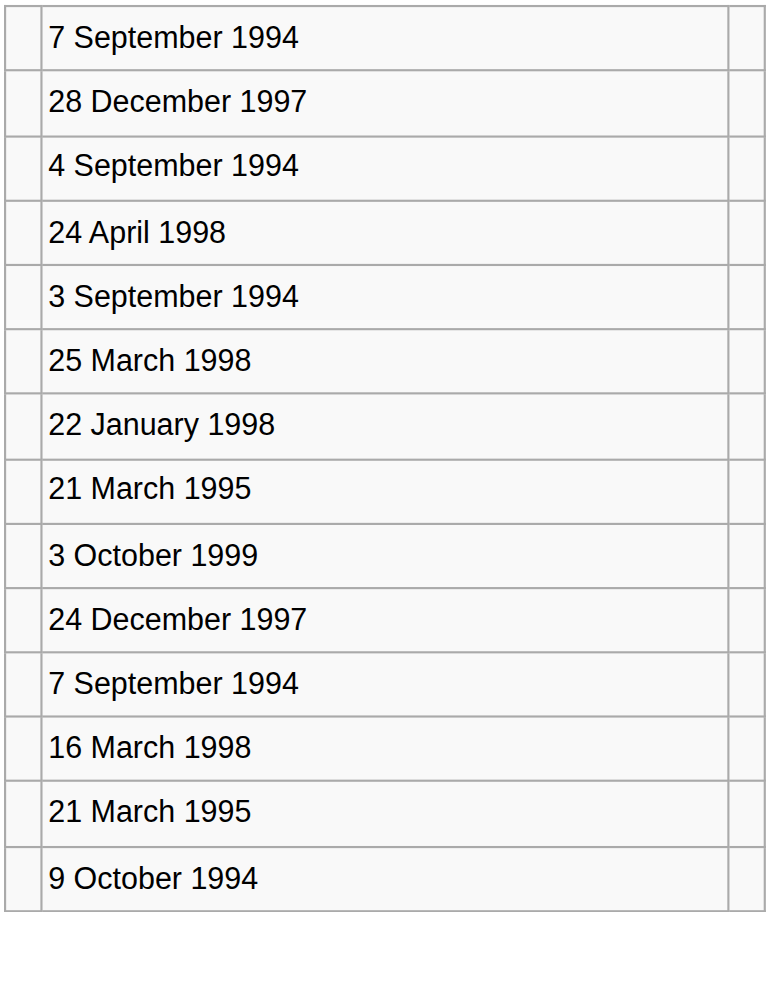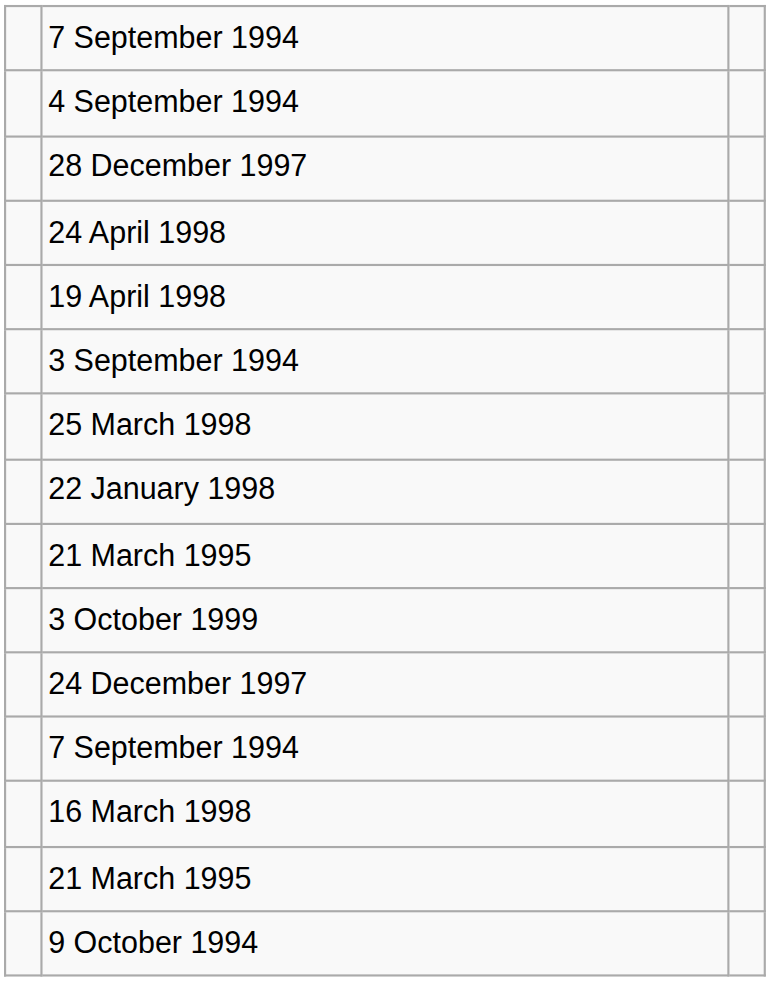 <table class="wikitable" style="font-size: 89%; float: left; width: 25em; margin-right: 1em; line-height: 1.65em !important;height: 405px">
 <tr>
 <td></td>
 <td>7 September 1994</td>
+<td></td>
+</tr>
+<tr>
+<td></td>
+<td>4 September 1994</td>
 <td></td>
 </tr>
 <tr>
 <td></td>
 <td>28 December 1997</td>
 <td></td>
 </tr>
 <tr>
 <td></td>
-<td>4 September 1994</td>
+<td>24 April 1998</td>
 <td></td>
 </tr>
 <tr>
 <td></td>
-<td>24 April 1998</td>
+<td>19 April 1998</td>
 <td></td>
 </tr>
 <tr>
 <td></td>
 <td>3 September 1994</td>
 <td></td>
 </tr>
 <tr>
 <td></td>
 <td>25 March 1998</td>
 <td></td>
 </tr>
 <tr>
 <td></td>
 <td>22 January 1998</td>
 <td></td>
 </tr>
 <tr>
 <td></td>
 <td>21 March 1995</td>
 <td></td>
 </tr>
 <tr>
 <td></td>
 <td>3 October 1999</td>
 <td></td>
 </tr>
 <tr>
 <td></td>
 <td>24 December 1997</td>
 <td></td>
 </tr>
 <tr>
 <td></td>
 <td>7 September 1994</td>
 <td></td>
 </tr>
 <tr>
 <td></td>
 <td>16 March 1998</td>
 <td></td>
 </tr>
 <tr>
 <td></td>
 <td>21 March 1995</td>
 <td></td>
 </tr>
 <tr>
 <td></td>
 <td>9 October 1994</td>
 <td></td>
 </tr>
 </table>
